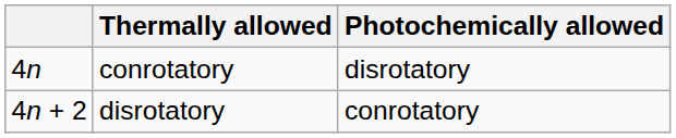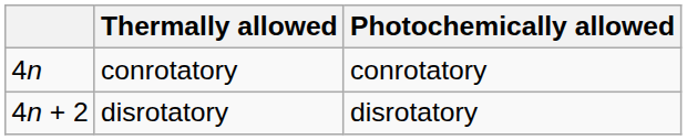 <table class="wikitable">
 <tr>
 <th></th>
 <th>Thermally allowed</th>
 <th>Photochemically allowed</th>
 </tr>
 <tr>
 <td>4<em>n</em></td>
 <td>conrotatory</td>
-<td>disrotatory</td>
+<td>conrotatory</td>
 </tr>
 <tr>
 <td>4<em>n</em> + 2</td>
 <td>disrotatory</td>
-<td>conrotatory</td>
+<td>disrotatory</td>
 </tr>
 </table>
